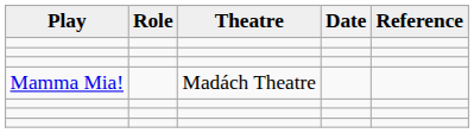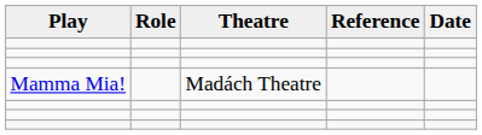 <table align="center" class="wikitable" style="margin-bottom: 46px;">
 <tr>
 <th style="background:#efefef;">Play</th>
 <th style="background:#efefef;">Role</th>
 <th style="background:#efefef;">Theatre</th>
+<th style="background:#efefef;">Reference</th>
 <th style="background-image: initial; background-position: initial; background-size: initial; background-repeat: initial; background-attachment: initial; background-origin: initial; background-clip: initial;">Date</th>
-<th style="background:#efefef;">Reference</th>
 </tr>
 <tr>
 <td></td>
 <td></td>
 <td></td>
 <td></td>
 <td></td>
 </tr>
 <tr>
 <td></td>
 <td></td>
 <td></td>
 <td></td>
 <td></td>
 </tr>
 <tr>
 <td></td>
 <td></td>
 <td></td>
 <td></td>
 <td></td>
 </tr>
 <tr>
 <td><a href='#'>Mamma Mia!</a></td>
 <td></td>
 <td>Madách Theatre</td>
 <td></td>
 <td></td>
 </tr>
 <tr>
 <td></td>
 <td></td>
 <td></td>
 <td></td>
 <td></td>
 </tr>
 <tr>
 <td></td>
 <td></td>
 <td></td>
 <td></td>
 <td></td>
 </tr>
 <tr>
 <td></td>
 <td></td>
 <td></td>
 <td></td>
 <td></td>
 </tr>
 </table>
